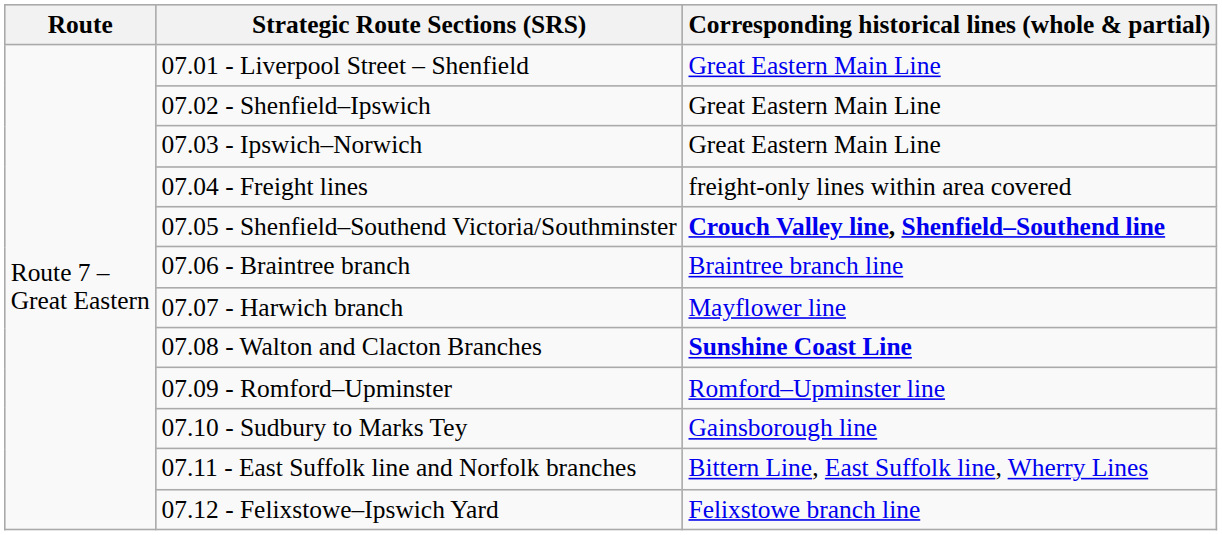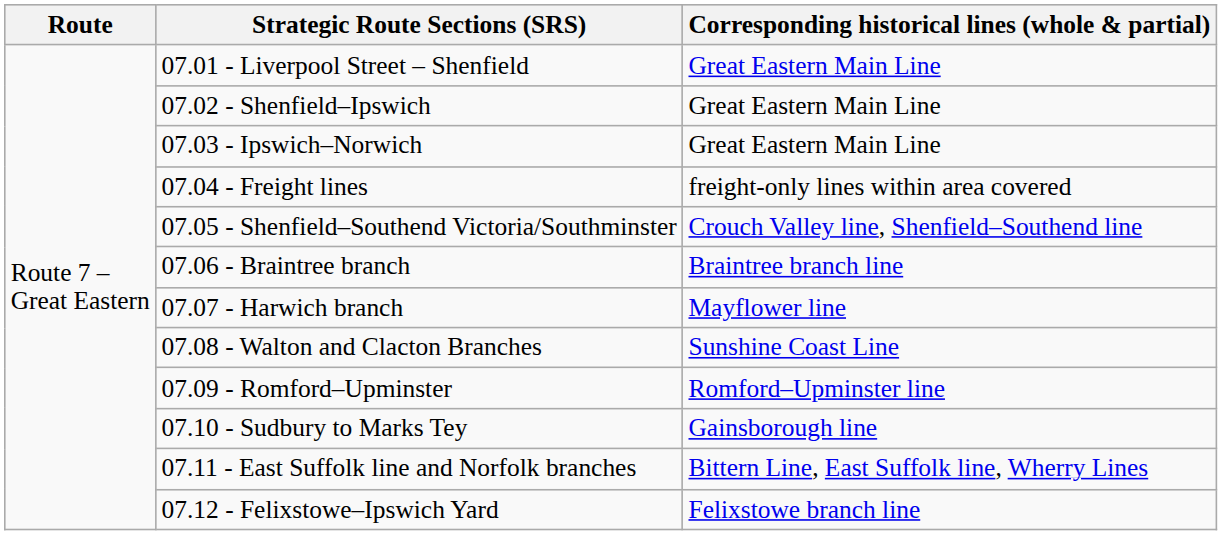 <table class="wikitable">
 <tr>
 <th>Route</th>
 <th>Strategic Route Sections (SRS)</th>
 <th>Corresponding historical lines (whole & partial)</th>
 </tr>
 <tr>
 <td rowspan="12">Route 7 –<br>Great Eastern</td>
 <td>07.01 - Liverpool Street – Shenfield</td>
 <td><a href='#'>Great Eastern Main Line</a></td>
 </tr>
 <tr>
 <td>07.02 - Shenfield–Ipswich</td>
 <td>Great Eastern Main Line</td>
 </tr>
 <tr>
 <td>07.03 - Ipswich–Norwich</td>
 <td>Great Eastern Main Line</td>
 </tr>
 <tr>
 <td>07.04 - Freight lines</td>
 <td>freight-only lines within area covered</td>
 </tr>
 <tr>
 <td>07.05 - Shenfield–Southend Victoria/Southminster</td>
-<td><strong><a href='#'>Crouch Valley line</a>, <a href='#'>Shenfield–Southend line</a></strong></td>
+<td><a href='#'>Crouch Valley line</a>, <a href='#'>Shenfield–Southend line</a></td>
 </tr>
 <tr>
 <td>07.06 - Braintree branch</td>
 <td><a href='#'>Braintree branch line</a></td>
 </tr>
 <tr>
 <td>07.07 - Harwich branch</td>
 <td><a href='#'>Mayflower line</a></td>
 </tr>
 <tr>
 <td>07.08 - Walton and Clacton Branches</td>
-<td><strong><a href='#'>Sunshine Coast Line</a></strong></td>
+<td><a href='#'>Sunshine Coast Line</a></td>
 </tr>
 <tr>
 <td>07.09 - Romford–Upminster</td>
 <td><a href='#'>Romford–Upminster line</a></td>
 </tr>
 <tr>
 <td>07.10 - Sudbury to Marks Tey</td>
 <td><a href='#'>Gainsborough line</a></td>
 </tr>
 <tr>
 <td>07.11 - East Suffolk line and Norfolk branches</td>
 <td><a href='#'>Bittern Line</a>, <a href='#'>East Suffolk line</a>, <a href='#'>Wherry Lines</a></td>
 </tr>
 <tr>
 <td>07.12 - Felixstowe–Ipswich Yard</td>
 <td><a href='#'>Felixstowe branch line</a></td>
 </tr>
 </table>
